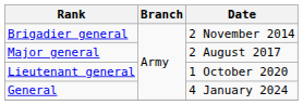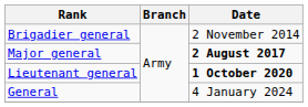 <table class="wikitable">
 <tr>
 <th>Rank</th>
 <th>Branch</th>
 <th>Date</th>
 </tr>
 <tr>
 <td> <a href='#'>Brigadier general</a></td>
 <td rowspan=4>Army</td>
 <td>2 November 2014</td>
 </tr>
 <tr>
 <td> <a href='#'>Major general</a></td>
-<td>2 August 2017</td>
+<td><strong>2 August 2017</strong></td>
 </tr>
 <tr>
 <td> <a href='#'>Lieutenant general</a></td>
-<td>1 October 2020</td>
+<td><strong>1 October 2020</strong></td>
 </tr>
 <tr>
 <td> <a href='#'>General</a></td>
 <td>4 January 2024</td>
 </tr>
 <tr>
 </tr>
 </table>
